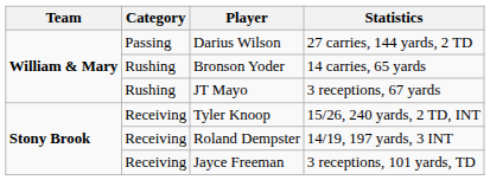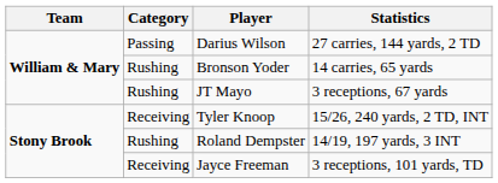 <table class="wikitable" style="float: right;">
 <tr>
 <th>Team</th>
 <th>Category</th>
 <th>Player</th>
 <th>Statistics</th>
 </tr>
 <tr>
 <td rowspan=3><strong>William & Mary</strong></td>
 <td>Passing</td>
 <td>Darius Wilson</td>
 <td>27 carries, 144 yards, 2 TD</td>
 </tr>
 <tr>
 <td>Rushing</td>
 <td>Bronson Yoder</td>
 <td>14 carries, 65 yards</td>
 </tr>
 <tr>
 <td>Rushing</td>
 <td>JT Mayo</td>
 <td>3 receptions, 67 yards</td>
 </tr>
 <tr>
 <td rowspan=3><strong>Stony Brook</strong></td>
 <td>Receiving</td>
 <td>Tyler Knoop</td>
 <td>15/26, 240 yards, 2 TD, INT</td>
 </tr>
 <tr>
-<td>Receiving</td>
+<td>Rushing</td>
 <td>Roland Dempster</td>
 <td>14/19, 197 yards, 3 INT</td>
 </tr>
 <tr>
 <td>Receiving</td>
 <td>Jayce Freeman</td>
 <td>3 receptions, 101 yards, TD</td>
 </tr>
 </table>
